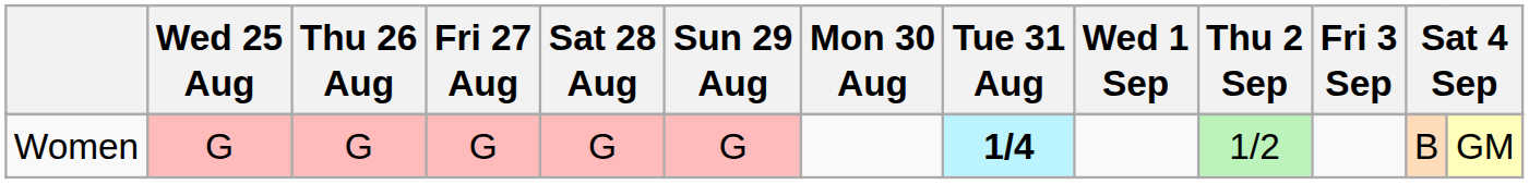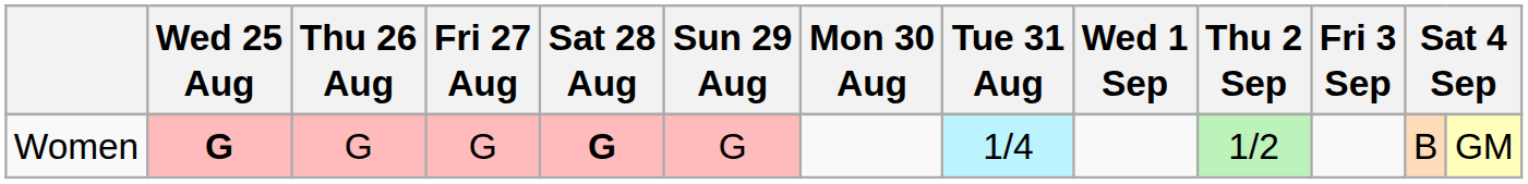 <table class="wikitable" style="margin:0.5em auto; font-size:90%; line-height:1.25em;">
 <tr align="center">
 <th></th>
 <th>Wed 25<br>Aug</th>
 <th>Thu 26<br>Aug</th>
 <th>Fri 27<br>Aug</th>
 <th>Sat 28<br>Aug</th>
 <th>Sun 29<br>Aug</th>
 <th>Mon 30<br>Aug</th>
 <th>Tue 31<br>Aug</th>
 <th>Wed 1<br>Sep</th>
 <th>Thu 2<br>Sep</th>
 <th>Fri 3<br>Sep</th>
 <th colspan=2>Sat 4<br>Sep</th>
 </tr>
 <tr>
 </tr>
 <tr align="center">
 <td align="left">Women</td>
+<td bgcolor="#FFBBBB"><strong>G</strong></td>
 <td bgcolor="#FFBBBB">G</td>
 <td bgcolor="#FFBBBB">G</td>
-<td bgcolor="#FFBBBB">G</td>
-<td bgcolor="#FFBBBB">G</td>
+<td bgcolor="#FFBBBB"><strong>G</strong></td>
 <td bgcolor="#FFBBBB">G</td>
 <td></td>
-<td bgcolor="#BBF3FF"><strong>1/4</strong></td>
+<td bgcolor="#BBF3FF">1/4</td>
 <td></td>
 <td bgcolor="#BBF3BB">1/2</td>
 <td></td>
 <td bgcolor="#FEDCBA">B</td>
 <td bgcolor="#FFFFBB">GM</td>
 </tr>
 </table>
